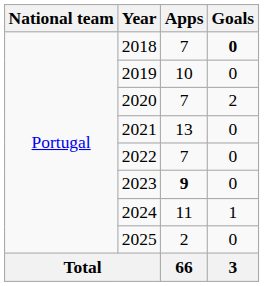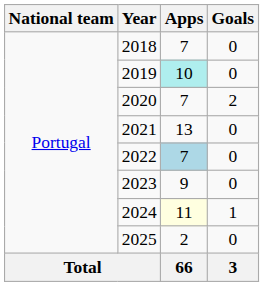 <table class="wikitable" style="text-align: center;">
 <tr>
 <th>National team</th>
 <th>Year</th>
 <th>Apps</th>
 <th>Goals</th>
 </tr>
 <tr>
 <td rowspan="8"><a href='#'>Portugal</a></td>
 <td>2018</td>
 <td>7</td>
-<td><strong>0</strong></td>
+<td>0</td>
 </tr>
 <tr>
 <td>2019</td>
-<td>10</td>
+<td style="background: paleturquoise;">10</td>
 <td>0</td>
 </tr>
 <tr>
 <td>2020</td>
 <td>7</td>
 <td>2</td>
 </tr>
 <tr>
 <td>2021</td>
 <td>13</td>
 <td>0</td>
 </tr>
 <tr>
 <td>2022</td>
-<td>7</td>
+<td style="background: lightblue;">7</td>
 <td>0</td>
 </tr>
 <tr>
 <td>2023</td>
-<td><strong>9</strong></td>
+<td>9</td>
 <td>0</td>
 </tr>
 <tr>
 <td>2024</td>
-<td>11</td>
+<td style="background: lightyellow;">11</td>
 <td>1</td>
 </tr>
 <tr>
 <td>2025</td>
 <td>2</td>
 <td>0</td>
 </tr>
 <tr>
 <th colspan="2">Total</th>
 <th>66</th>
 <th>3</th>
 </tr>
 </table>
